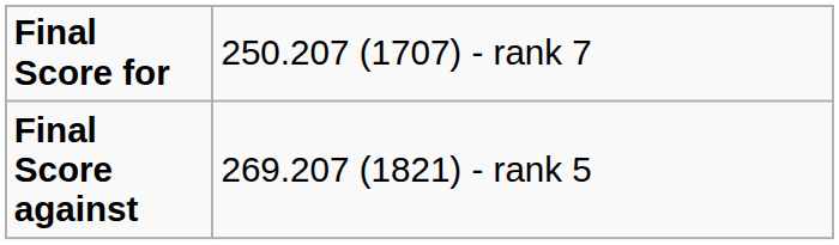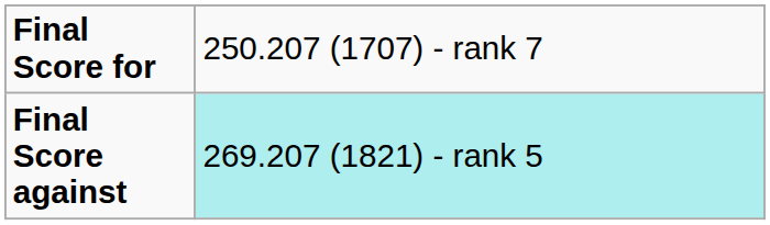 <table class="wikitable" style="width:60%;">
 <tr>
 <td style="width:25%;"><strong>Final Score for</strong></td>
 <td>250.207 (1707) - rank 7</td>
 </tr>
 <tr>
 <td style="width:25%;"><strong>Final Score against</strong></td>
-<td>269.207 (1821) - rank 5</td>
+<td style="background: paleturquoise;">269.207 (1821) - rank 5</td>
 </tr>
 </table>
